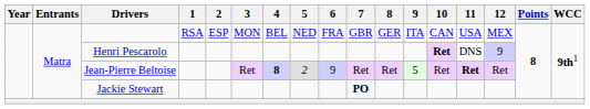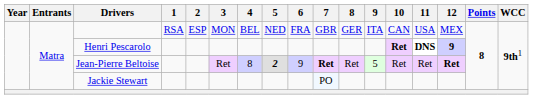 <table class="wikitable" style="text-align:center; font-size:95%">
 <tr>
 <th>Year</th>
 <th>Entrants</th>
 <th>Drivers</th>
 <th>1</th>
 <th>2</th>
 <th>3</th>
 <th>4</th>
 <th>5</th>
 <th>6</th>
 <th>7</th>
 <th>8</th>
 <th>9</th>
 <th>10</th>
 <th>11</th>
 <th>12</th>
 <th><a href='#'>Points</a></th>
 <th>WCC</th>
 </tr>
 <tr>
 <td rowspan=4></td>
 <td rowspan=4><a href='#'>Matra</a></td>
 <td></td>
 <td><a href='#'>RSA</a></td>
 <td><a href='#'>ESP</a></td>
 <td><a href='#'>MON</a></td>
 <td><a href='#'>BEL</a></td>
 <td><a href='#'>NED</a></td>
 <td><a href='#'>FRA</a></td>
 <td><a href='#'>GBR</a></td>
 <td><a href='#'>GER</a></td>
 <td><a href='#'>ITA</a></td>
 <td><a href='#'>CAN</a></td>
 <td><a href='#'>USA</a></td>
 <td><a href='#'>MEX</a></td>
 <td rowspan=4><strong>8</strong></td>
 <td rowspan=4><strong>9th</strong><sup>1</sup></td>
 </tr>
 <tr>
 <td><a href='#'>Henri Pescarolo</a></td>
 <td></td>
 <td></td>
 <td></td>
 <td></td>
 <td></td>
 <td></td>
 <td></td>
 <td></td>
 <td></td>
 <td style="background:#efcfff;"><strong>Ret</strong></td>
-<td style="background:white;">DNS</td>
-<td style="background:#cfcfff;">9</td>
+<td style="background:white;"><strong>DNS</strong></td>
+<td style="background:#cfcfff;"><strong>9</strong></td>
 </tr>
 <tr>
 <td><a href='#'>Jean-Pierre Beltoise</a></td>
 <td></td>
 <td></td>
 <td style="background:#efcfff;">Ret</td>
-<td style="background:#cfcfff;"><strong>8</strong></td>
-<td style="background:#dfdfdf;"><em>2</em></td>
+<td style="background:#cfcfff;">8</td>
+<td style="background:#dfdfdf;"><strong><em>2</em></strong></td>
 <td style="background:#cfcfff;">9</td>
-<td style="background:#efcfff;">Ret</td>
+<td style="background:#efcfff;"><strong>Ret</strong></td>
 <td style="background:#efcfff;">Ret</td>
 <td style="background:#dfffdf;">5</td>
 <td style="background:#efcfff;">Ret</td>
+<td style="background:#efcfff;">Ret</td>
 <td style="background:#efcfff;"><strong>Ret</strong></td>
-<td style="background:#efcfff;">Ret</td>
 </tr>
 <tr>
 <td><a href='#'>Jackie Stewart</a></td>
 <td></td>
 <td></td>
 <td></td>
 <td></td>
 <td></td>
 <td></td>
-<td style="background-color:#f1f8ff;"><strong>PO</strong></td>
+<td style="background-color:#f1f8ff;">PO</td>
 <td></td>
 <td></td>
 <td></td>
 <td></td>
 <td></td>
 </tr>
 <tr>
 <th colspan="17"></th>
 </tr>
 </table>
